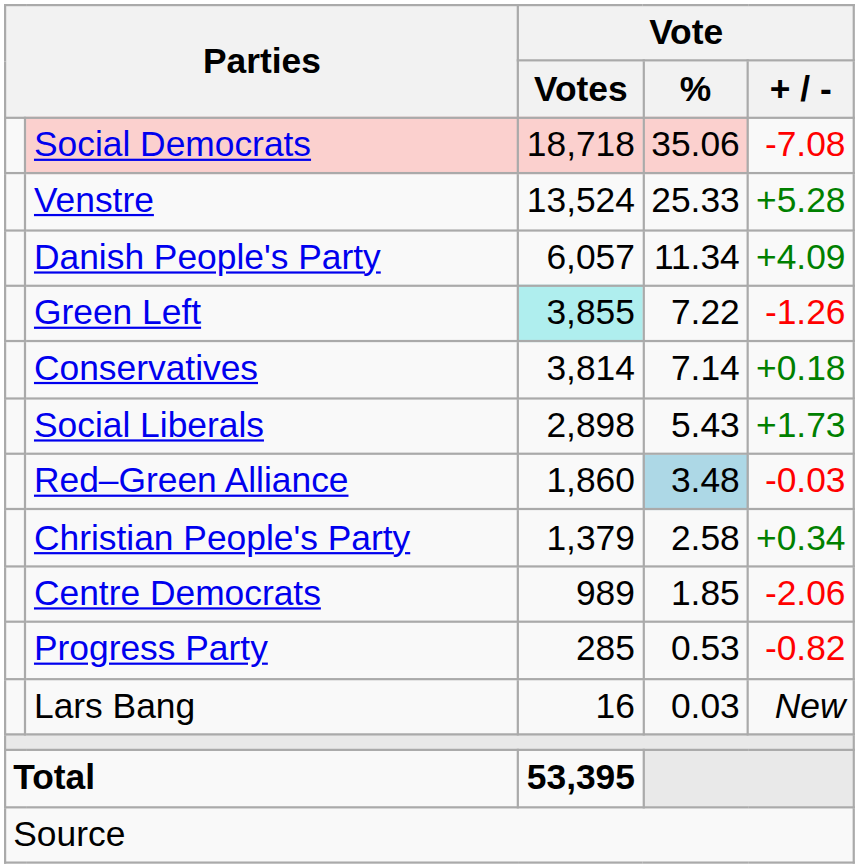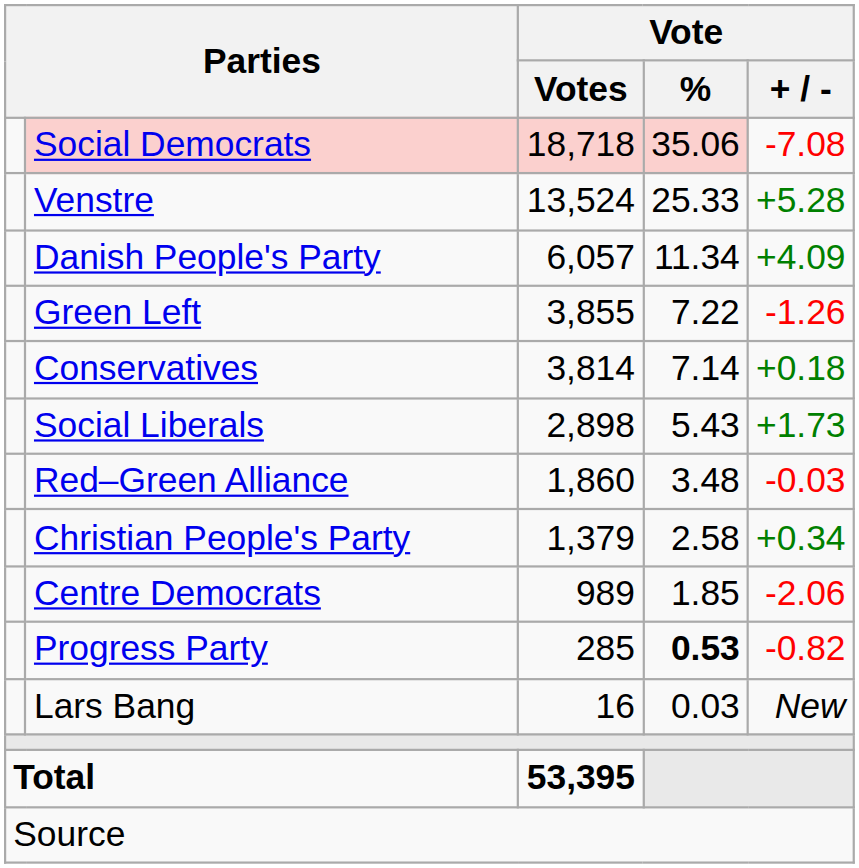 <table class="wikitable" style="text-align:right;">
 <tr>
 <th style="text-align:centre;" rowspan="2" colspan="2" width="225">Parties</th>
 <th colspan="3">Vote</th>
 </tr>
 <tr>
 <th width="15">Votes</th>
 <th width="15">%</th>
 <th width="15">+ / -</th>
 </tr>
 <tr>
 <td width="2" style="color:inherit;background:"></td>
 <td bgcolor=#fbd0ce  align="left"><a href='#'>Social Democrats</a></td>
 <td bgcolor=#fbd0ce>18,718</td>
 <td bgcolor=#fbd0ce>35.06</td>
 <td style=color:red;>-7.08</td>
 </tr>
 <tr>
 <td width="2" style="color:inherit;background:"></td>
 <td align="left"><a href='#'>Venstre</a></td>
 <td>13,524</td>
 <td>25.33</td>
 <td style=color:green;>+5.28</td>
 </tr>
 <tr>
 <td width="2" style="color:inherit;background:"></td>
 <td align="left"><a href='#'>Danish People's Party</a></td>
 <td>6,057</td>
 <td>11.34</td>
 <td style=color:green;>+4.09</td>
 </tr>
 <tr>
 <td width="2" style="color:inherit;background:"></td>
 <td align="left"><a href='#'>Green Left</a></td>
-<td style="background: paleturquoise;">3,855</td>
+<td>3,855</td>
 <td>7.22</td>
 <td style=color:red;>-1.26</td>
 </tr>
 <tr>
 <td width="2" style="color:inherit;background:"></td>
 <td align="left"><a href='#'>Conservatives</a></td>
 <td>3,814</td>
 <td>7.14</td>
 <td style=color:green;>+0.18</td>
 </tr>
 <tr>
 <td width="2" style="color:inherit;background:"></td>
 <td align="left"><a href='#'>Social Liberals</a></td>
 <td>2,898</td>
 <td>5.43</td>
 <td style=color:green;>+1.73</td>
 </tr>
 <tr>
 <td width="2" style="color:inherit;background:"></td>
 <td align="left"><a href='#'>Red–Green Alliance</a></td>
 <td>1,860</td>
-<td style="background: lightblue;">3.48</td>
+<td>3.48</td>
 <td style=color:red;>-0.03</td>
 </tr>
 <tr>
 <td width="2" style="color:inherit;background:"></td>
 <td align="left"><a href='#'>Christian People's Party</a></td>
 <td>1,379</td>
 <td>2.58</td>
 <td style=color:green;>+0.34</td>
 </tr>
 <tr>
 <td width="2" style="color:inherit;background:"></td>
 <td align="left"><a href='#'>Centre Democrats</a></td>
 <td>989</td>
 <td>1.85</td>
 <td style=color:red;>-2.06</td>
 </tr>
 <tr>
 <td width="2" style="color:inherit;background:"></td>
 <td align="left"><a href='#'>Progress Party</a></td>
 <td>285</td>
-<td>0.53</td>
+<td><strong>0.53</strong></td>
 <td style=color:red;>-0.82</td>
 </tr>
 <tr>
 <td width="2" style="color:inherit;background:"></td>
 <td align="left">Lars Bang</td>
 <td>16</td>
 <td>0.03</td>
 <td><em>New</em></td>
 </tr>
 <tr>
 <td colspan="7" bgcolor="#E9E9E9"></td>
 </tr>
 <tr>
 <td align="left" colspan="2"><strong>Total</strong></td>
 <td><strong>53,395</strong></td>
 <td bgcolor="#E9E9E9" colspan="2"></td>
 </tr>
 <tr>
 <td align="left" colspan="6">Source</td>
 </tr>
 </table>
